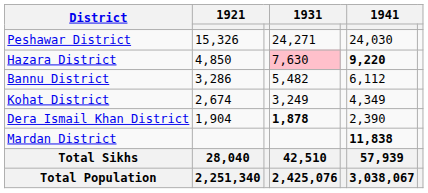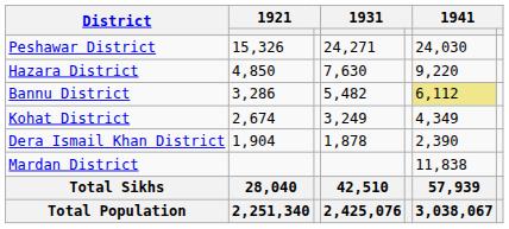 <table class="wikitable sortable">
 <tr>
 <th rowspan="2"><a href='#'>District</a></th>
 <th colspan="2">1921</th>
 <th colspan="2">1931</th>
 <th colspan="2">1941</th>
 </tr>
 <tr>
 <th><a href='#'></a></th>
 <th></th>
 <th></th>
 <th></th>
 <th></th>
 <th></th>
 </tr>
 <tr>
 <td><a href='#'>Peshawar District</a></td>
 <td>15,326</td>
 <td></td>
 <td>24,271</td>
 <td></td>
 <td>24,030</td>
 <td></td>
 </tr>
 <tr>
 <td><a href='#'>Hazara District</a></td>
 <td>4,850</td>
 <td></td>
-<td style="background: pink;">7,630</td>
+<td>7,630</td>
 <td></td>
-<td><strong>9,220</strong></td>
+<td>9,220</td>
 <td></td>
 </tr>
 <tr>
 <td><a href='#'>Bannu District</a></td>
 <td>3,286</td>
 <td></td>
 <td>5,482</td>
 <td></td>
-<td>6,112</td>
+<td style="background: khaki;">6,112</td>
 <td></td>
 </tr>
 <tr>
 <td><a href='#'>Kohat District</a></td>
 <td>2,674</td>
 <td></td>
 <td>3,249</td>
 <td></td>
 <td>4,349</td>
 <td></td>
 </tr>
 <tr>
 <td><a href='#'>Dera Ismail Khan District</a></td>
 <td>1,904</td>
 <td></td>
-<td><strong>1,878</strong></td>
+<td>1,878</td>
 <td></td>
 <td>2,390</td>
 <td></td>
 </tr>
 <tr>
 <td><a href='#'>Mardan District</a></td>
 <td></td>
 <td></td>
 <td></td>
 <td></td>
-<td><strong>11,838</strong></td>
+<td>11,838</td>
 <td></td>
 </tr>
 <tr>
 <th>Total Sikhs</th>
 <th>28,040</th>
 <th></th>
 <th>42,510</th>
 <th></th>
 <th>57,939</th>
 <th></th>
 </tr>
 <tr>
 <th>Total Population</th>
 <th>2,251,340</th>
 <th></th>
 <th>2,425,076</th>
 <th></th>
 <th>3,038,067</th>
 <th></th>
 </tr>
 </table>
